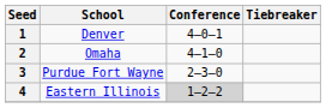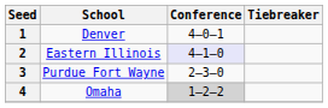 <table class="wikitable" style="text-align:center">
 <tr>
 <th>Seed</th>
 <th>School</th>
 <th>Conference</th>
 <th>Tiebreaker</th>
 </tr>
 <tr>
 <th>1</th>
 <td><a href='#'>Denver</a></td>
 <td>4–0–1</td>
 <td></td>
 </tr>
 <tr>
 <th>2</th>
-<td><a href='#'>Omaha</a></td>
-<td>4–1–0</td>
+<td><a href='#'>Eastern Illinois</a></td>
+<td style="background: lavender;">4–1–0</td>
 <td></td>
 </tr>
 <tr>
 <th>3</th>
 <td><a href='#'>Purdue Fort Wayne</a></td>
 <td>2–3–0</td>
 <td></td>
 </tr>
 <tr>
 <th>4</th>
-<td><a href='#'>Eastern Illinois</a></td>
+<td><a href='#'>Omaha</a></td>
 <td style="background: lightgrey;">1–2–2</td>
 <td></td>
 </tr>
 <tr>
 </tr>
 </table>
